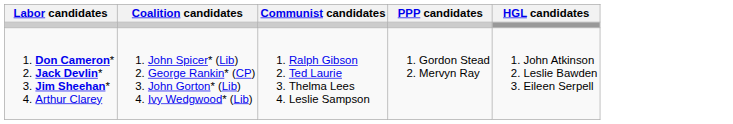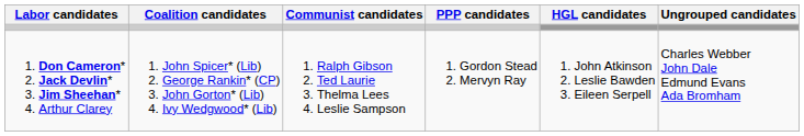 <table class="wikitable">
 <tr>
 <th><a href='#'>Labor</a> candidates</th>
 <th><a href='#'>Coalition</a> candidates</th>
 <th><a href='#'>Communist</a> candidates</th>
 <th><a href='#'>PPP</a> candidates</th>
 <th><a href='#'>HGL</a> candidates</th>
+<th>Ungrouped candidates</th>
 </tr>
 <tr bgcolor="#cccccc">
 <td></td>
 <td></td>
 <td></td>
 <td></td>
+<td bgcolor="#999999"></td>
 <td bgcolor="#999999"></td>
 </tr>
 <tr>
 <td><br><ol><li><strong><a href='#'>Don Cameron</a></strong>*</li><li><strong><a href='#'>Jack Devlin</a></strong>*</li><li><strong><a href='#'>Jim Sheehan</a></strong>*</li><li><a href='#'>Arthur Clarey</a></li></ol></td>
 <td><br><ol><li><a href='#'>John Spicer</a>* (<a href='#'>Lib</a>)</li><li><a href='#'>George Rankin</a>* (<a href='#'>CP</a>)</li><li><a href='#'>John Gorton</a>* (<a href='#'>Lib</a>)</li><li><a href='#'>Ivy Wedgwood</a>* (<a href='#'>Lib</a>)</li></ol></td>
 <td valign=top><br><ol><li><a href='#'>Ralph Gibson</a></li><li><a href='#'>Ted Laurie</a></li><li>Thelma Lees</li><li>Leslie Sampson</li></ol></td>
 <td valign=top><br><ol><li>Gordon Stead</li><li>Mervyn Ray</li></ol></td>
 <td valign=top><br><ol><li>John Atkinson</li><li>Leslie Bawden</li><li>Eileen Serpell</li></ol></td>
+<td valign=top><br>Charles Webber<br> <a href='#'>John Dale</a><br> Edmund Evans<br> <a href='#'>Ada Bromham</a></td>
 </tr>
 </table>
